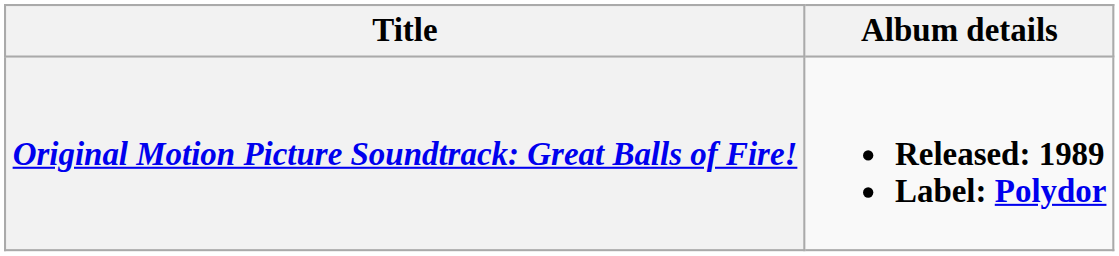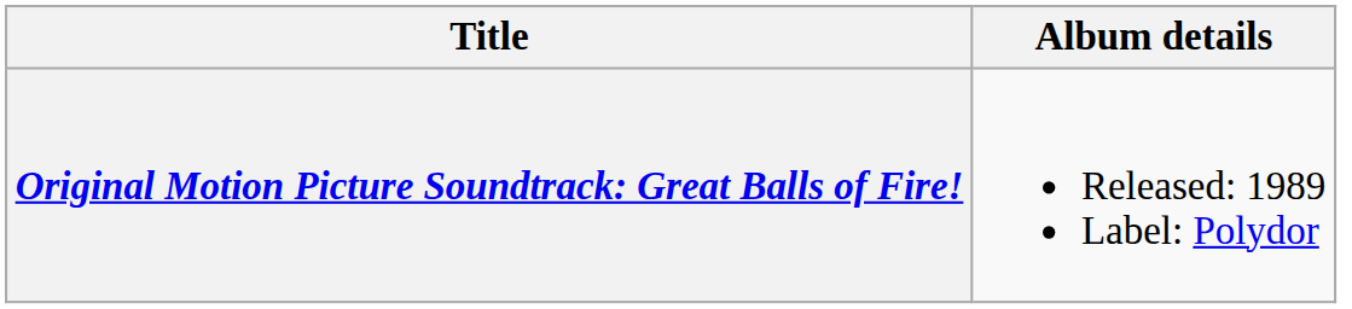 <table class="wikitable plainrowheaders">
 <tr>
 <th scope="col">Title</th>
 <th scope="col">Album details</th>
 </tr>
 <tr>
 <th scope="row"><em><a href='#'>Original Motion Picture Soundtrack: Great Balls of Fire!</a></em></th>
-<td><strong><br><ul><li>Released: 1989</li><li>Label: <a href='#'>Polydor</a></li></ul></strong></td>
+<td><br><ul><li>Released: 1989</li><li>Label: <a href='#'>Polydor</a></li></ul></td>
 </tr>
 </table>
